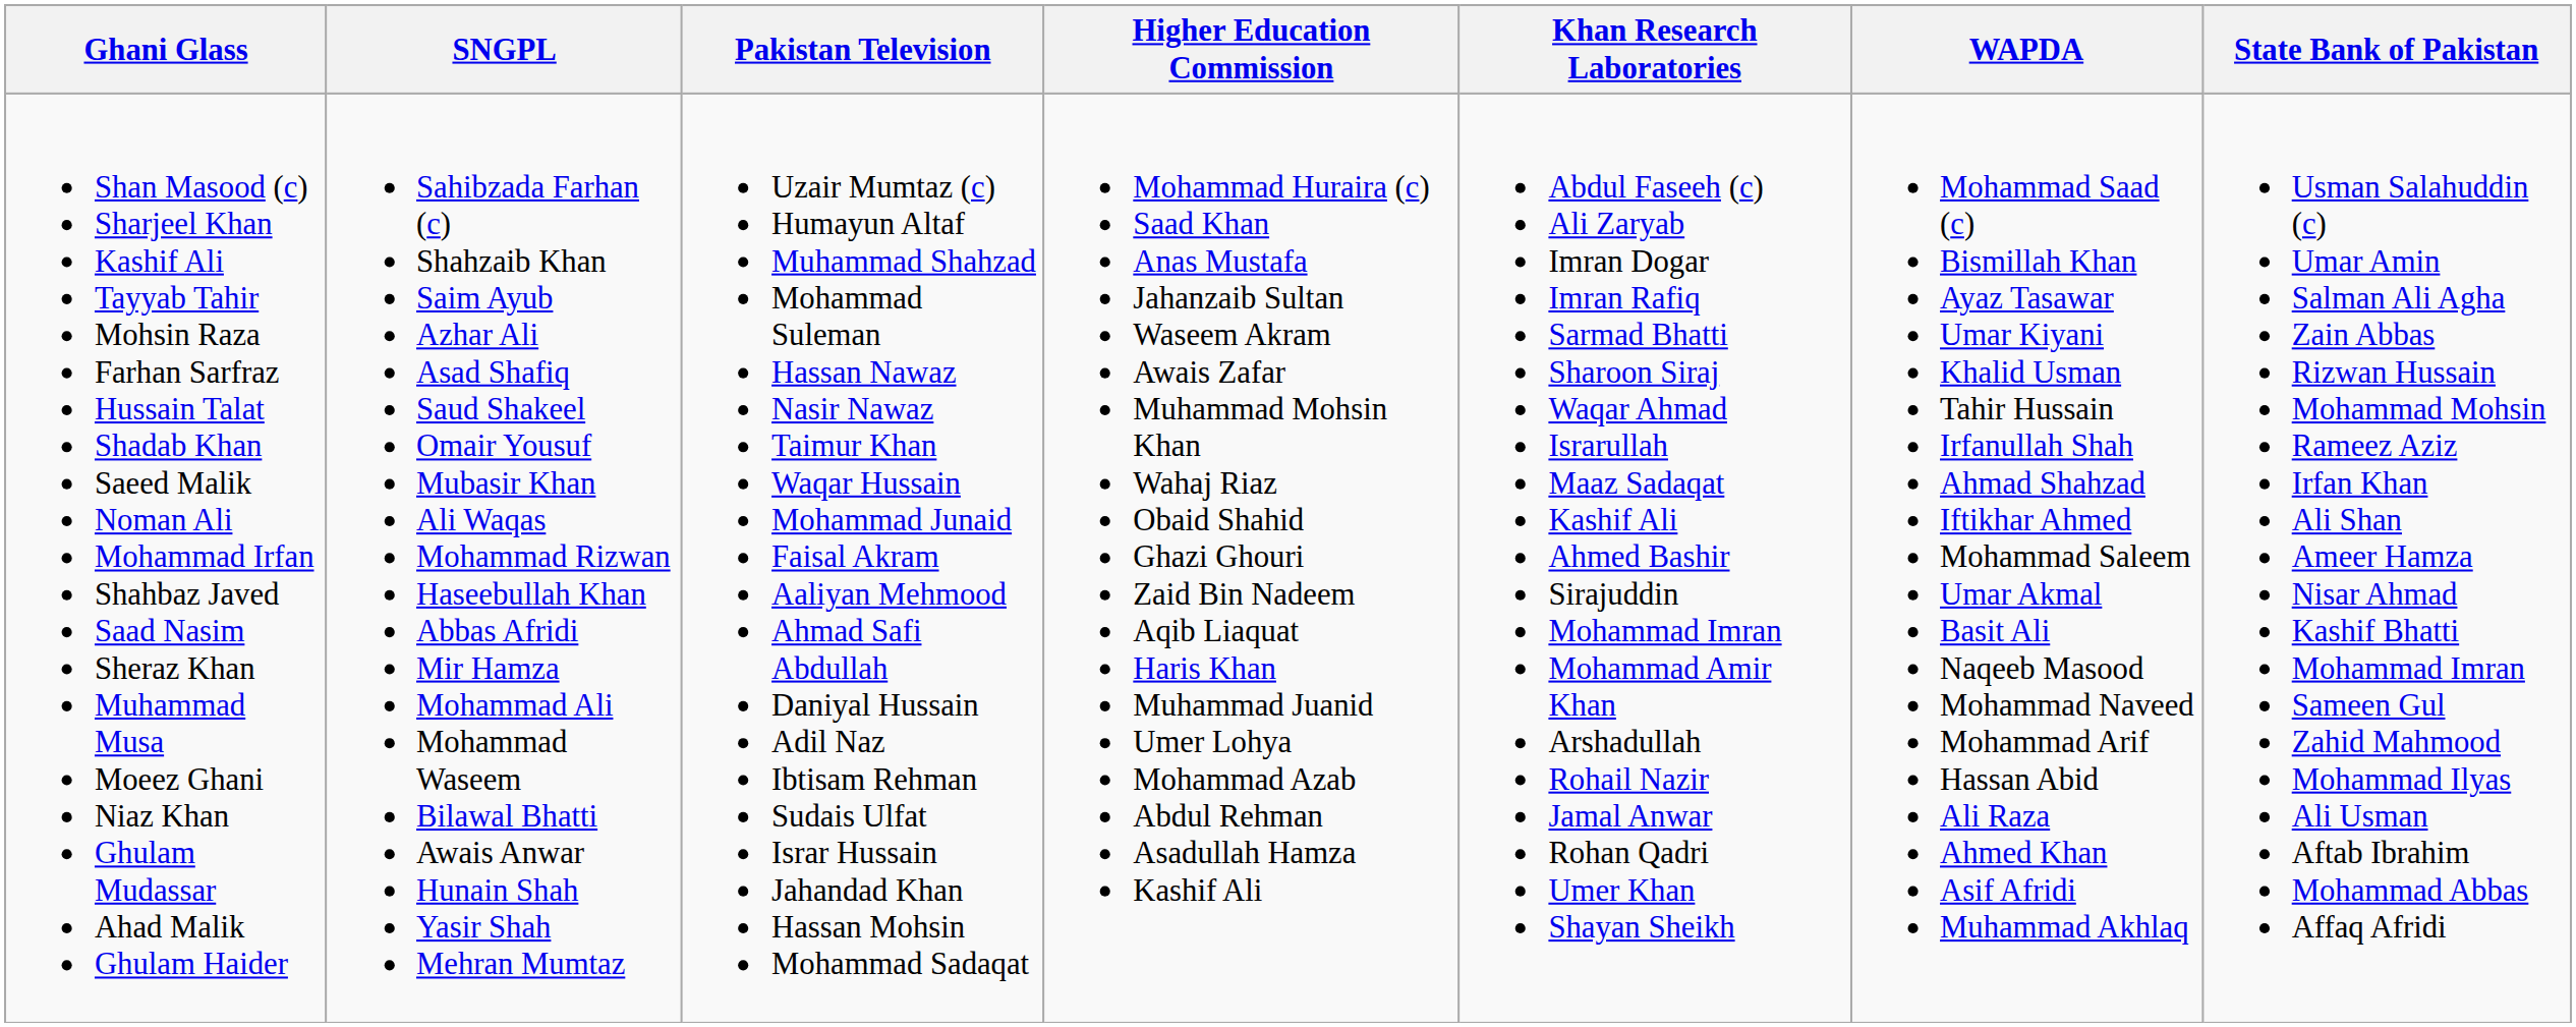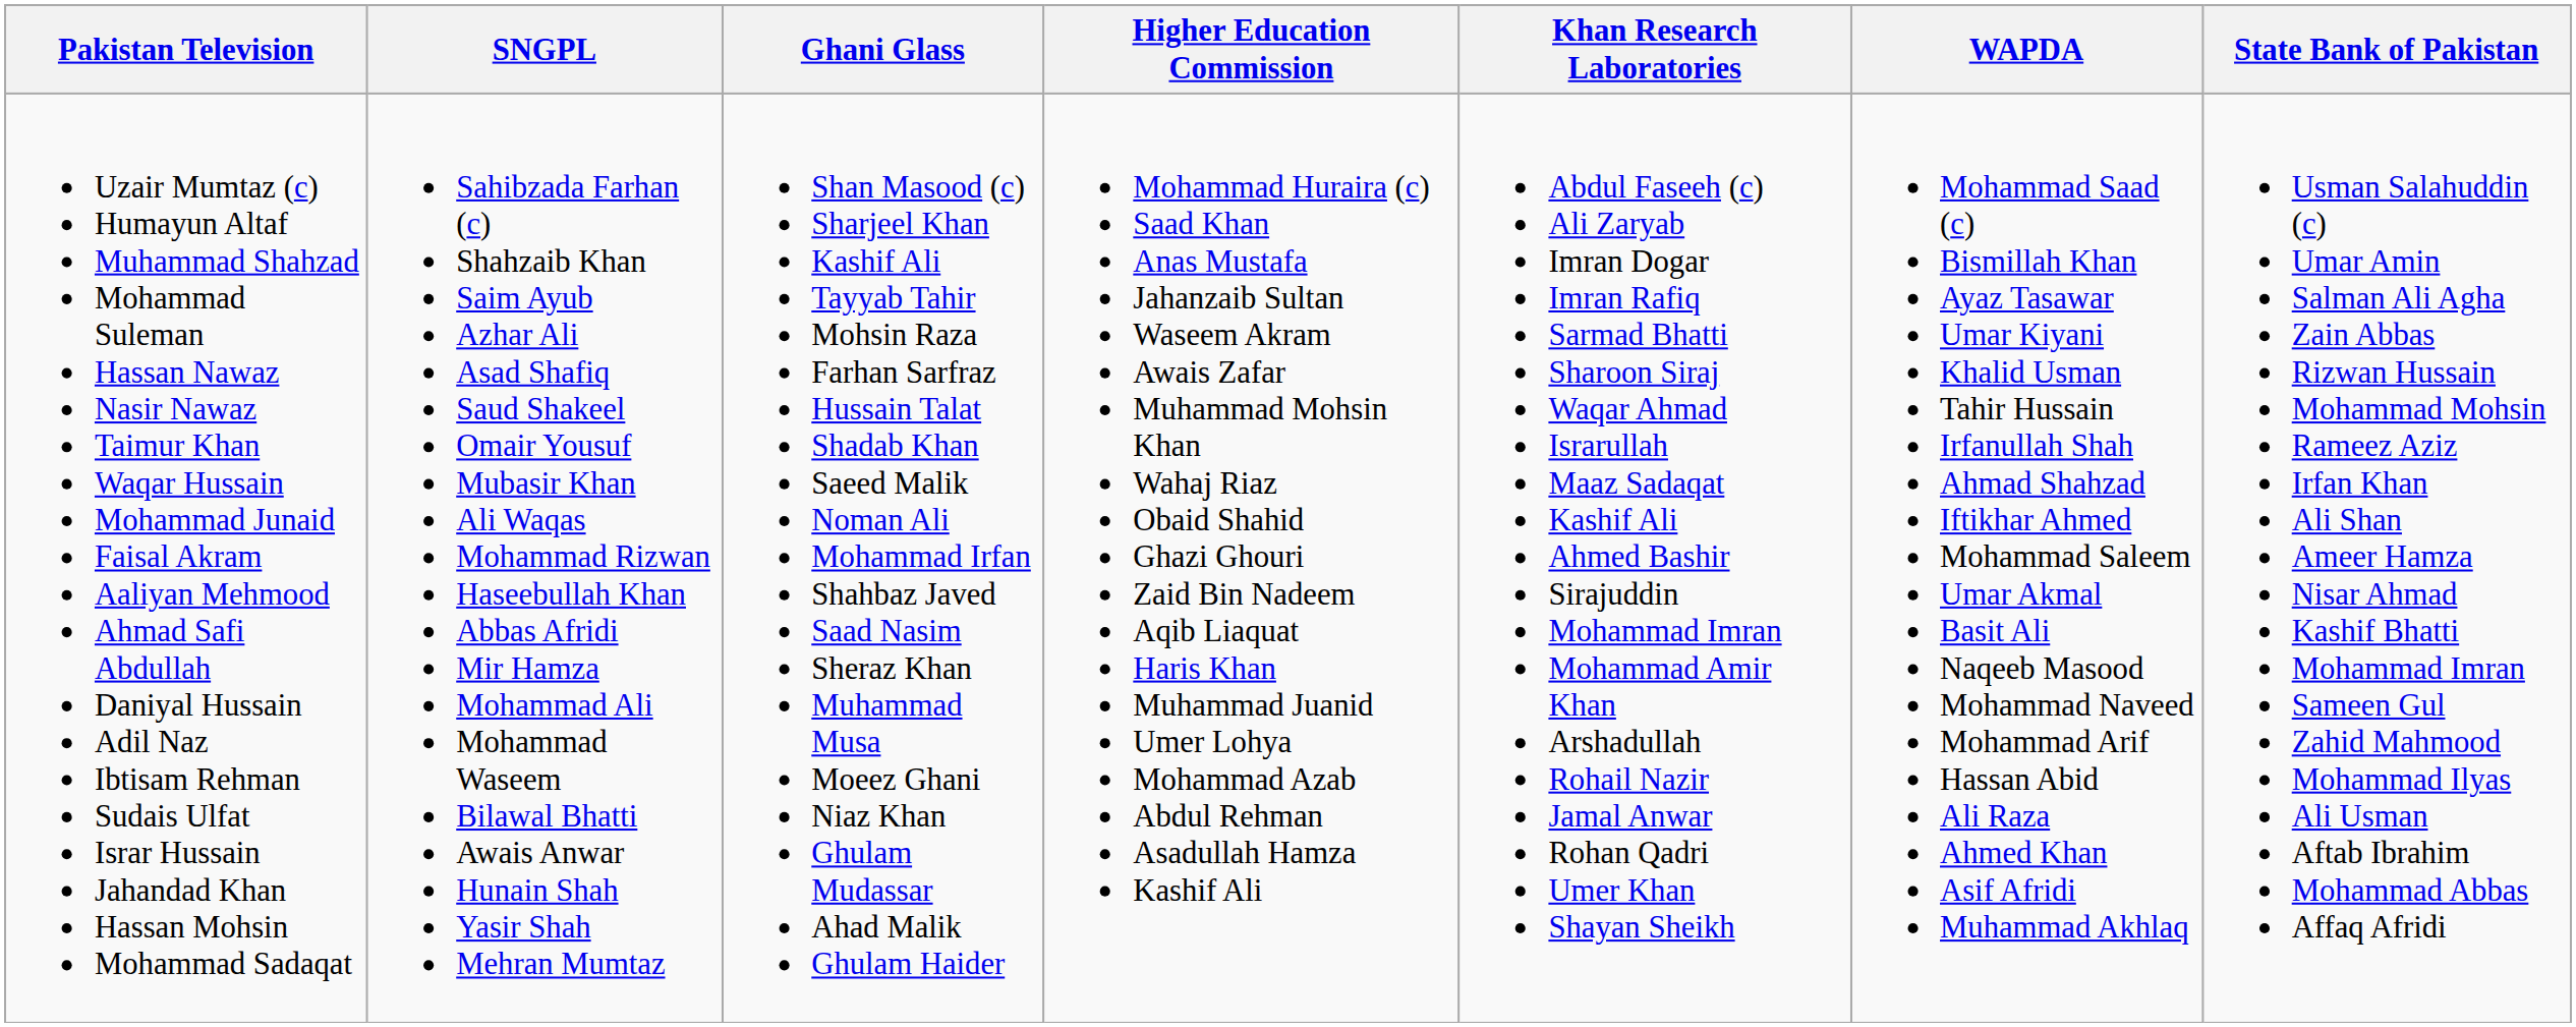 <table class="wikitable" style="font-size:95%;">
 <tr>
+<th><a href='#'>Pakistan Television</a></th>
+<th><a href='#'>SNGPL</a></th>
 <th><a href='#'>Ghani Glass</a></th>
-<th><a href='#'>SNGPL</a></th>
-<th><a href='#'>Pakistan Television</a></th>
 <th><a href='#'>Higher Education Commission</a></th>
 <th><a href='#'>Khan Research Laboratories</a></th>
 <th><a href='#'>WAPDA</a></th>
 <th><a href='#'>State Bank of Pakistan</a></th>
 </tr>
 <tr>
+<td valign="top"><br><ul><li>Uzair Mumtaz (<a href='#'>c</a>)</li><li>Humayun Altaf</li><li><a href='#'>Muhammad Shahzad</a></li><li>Mohammad Suleman</li><li><a href='#'>Hassan Nawaz</a></li><li><a href='#'>Nasir Nawaz</a></li><li><a href='#'>Taimur Khan</a></li><li><a href='#'>Waqar Hussain</a></li><li><a href='#'>Mohammad Junaid</a></li><li><a href='#'>Faisal Akram</a></li><li><a href='#'>Aaliyan Mehmood</a></li><li><a href='#'>Ahmad Safi Abdullah</a></li><li>Daniyal Hussain</li><li>Adil Naz</li><li>Ibtisam Rehman</li><li>Sudais Ulfat</li><li>Israr Hussain</li><li>Jahandad Khan</li><li>Hassan Mohsin</li><li>Mohammad Sadaqat</li></ul></td>
+<td valign="top"><br><ul><li><a href='#'>Sahibzada Farhan</a> (<a href='#'>c</a>)</li><li>Shahzaib Khan</li><li><a href='#'>Saim Ayub</a></li><li><a href='#'>Azhar Ali</a></li><li><a href='#'>Asad Shafiq</a></li><li><a href='#'>Saud Shakeel</a></li><li><a href='#'>Omair Yousuf</a></li><li><a href='#'>Mubasir Khan</a></li><li><a href='#'>Ali Waqas</a></li><li><a href='#'>Mohammad Rizwan</a></li><li><a href='#'>Haseebullah Khan</a></li><li><a href='#'>Abbas Afridi</a></li><li><a href='#'>Mir Hamza</a></li><li><a href='#'>Mohammad Ali</a></li><li>Mohammad Waseem</li><li><a href='#'>Bilawal Bhatti</a></li><li>Awais Anwar</li><li><a href='#'>Hunain Shah</a></li><li><a href='#'>Yasir Shah</a></li><li><a href='#'>Mehran Mumtaz</a></li></ul></td>
 <td valign="top"><br><ul><li><a href='#'>Shan Masood</a> (<a href='#'>c</a>)</li><li><a href='#'>Sharjeel Khan</a></li><li><a href='#'>Kashif Ali</a></li><li><a href='#'>Tayyab Tahir</a></li><li>Mohsin Raza</li><li>Farhan Sarfraz</li><li><a href='#'>Hussain Talat</a></li><li><a href='#'>Shadab Khan</a></li><li>Saeed Malik</li><li><a href='#'>Noman Ali</a></li><li><a href='#'>Mohammad Irfan</a></li><li>Shahbaz Javed</li><li><a href='#'>Saad Nasim</a></li><li>Sheraz Khan</li><li><a href='#'>Muhammad Musa</a></li><li>Moeez Ghani</li><li>Niaz Khan</li><li><a href='#'>Ghulam Mudassar</a></li><li>Ahad Malik</li><li><a href='#'>Ghulam Haider</a></li></ul></td>
-<td valign="top"><br><ul><li><a href='#'>Sahibzada Farhan</a> (<a href='#'>c</a>)</li><li>Shahzaib Khan</li><li><a href='#'>Saim Ayub</a></li><li><a href='#'>Azhar Ali</a></li><li><a href='#'>Asad Shafiq</a></li><li><a href='#'>Saud Shakeel</a></li><li><a href='#'>Omair Yousuf</a></li><li><a href='#'>Mubasir Khan</a></li><li><a href='#'>Ali Waqas</a></li><li><a href='#'>Mohammad Rizwan</a></li><li><a href='#'>Haseebullah Khan</a></li><li><a href='#'>Abbas Afridi</a></li><li><a href='#'>Mir Hamza</a></li><li><a href='#'>Mohammad Ali</a></li><li>Mohammad Waseem</li><li><a href='#'>Bilawal Bhatti</a></li><li>Awais Anwar</li><li><a href='#'>Hunain Shah</a></li><li><a href='#'>Yasir Shah</a></li><li><a href='#'>Mehran Mumtaz</a></li></ul></td>
-<td valign="top"><br><ul><li>Uzair Mumtaz (<a href='#'>c</a>)</li><li>Humayun Altaf</li><li><a href='#'>Muhammad Shahzad</a></li><li>Mohammad Suleman</li><li><a href='#'>Hassan Nawaz</a></li><li><a href='#'>Nasir Nawaz</a></li><li><a href='#'>Taimur Khan</a></li><li><a href='#'>Waqar Hussain</a></li><li><a href='#'>Mohammad Junaid</a></li><li><a href='#'>Faisal Akram</a></li><li><a href='#'>Aaliyan Mehmood</a></li><li><a href='#'>Ahmad Safi Abdullah</a></li><li>Daniyal Hussain</li><li>Adil Naz</li><li>Ibtisam Rehman</li><li>Sudais Ulfat</li><li>Israr Hussain</li><li>Jahandad Khan</li><li>Hassan Mohsin</li><li>Mohammad Sadaqat</li></ul></td>
 <td valign="top"><br><ul><li><a href='#'>Mohammad Huraira</a> (<a href='#'>c</a>)</li><li><a href='#'>Saad Khan</a></li><li><a href='#'>Anas Mustafa</a></li><li>Jahanzaib Sultan</li><li>Waseem Akram</li><li>Awais Zafar</li><li>Muhammad Mohsin Khan</li><li>Wahaj Riaz</li><li>Obaid Shahid</li><li>Ghazi Ghouri</li><li>Zaid Bin Nadeem</li><li>Aqib Liaquat</li><li><a href='#'>Haris Khan</a></li><li>Muhammad Juanid</li><li>Umer Lohya</li><li>Mohammad Azab</li><li>Abdul Rehman</li><li>Asadullah Hamza</li><li>Kashif Ali</li></ul></td>
 <td valign="top"><br><ul><li><a href='#'>Abdul Faseeh</a> (<a href='#'>c</a>)</li><li><a href='#'>Ali Zaryab</a></li><li>Imran Dogar</li><li><a href='#'>Imran Rafiq</a></li><li><a href='#'>Sarmad Bhatti</a></li><li><a href='#'>Sharoon Siraj</a></li><li><a href='#'>Waqar Ahmad</a></li><li><a href='#'>Israrullah</a></li><li><a href='#'>Maaz Sadaqat</a></li><li><a href='#'>Kashif Ali</a></li><li><a href='#'>Ahmed Bashir</a></li><li>Sirajuddin</li><li><a href='#'>Mohammad Imran</a></li><li><a href='#'>Mohammad Amir Khan</a></li><li>Arshadullah</li><li><a href='#'>Rohail Nazir</a></li><li><a href='#'>Jamal Anwar</a></li><li>Rohan Qadri</li><li><a href='#'>Umer Khan</a></li><li><a href='#'>Shayan Sheikh</a></li></ul></td>
 <td valign="top"><br><ul><li><a href='#'>Mohammad Saad</a> (<a href='#'>c</a>)</li><li><a href='#'>Bismillah Khan</a></li><li><a href='#'>Ayaz Tasawar</a></li><li><a href='#'>Umar Kiyani</a></li><li><a href='#'>Khalid Usman</a></li><li>Tahir Hussain</li><li><a href='#'>Irfanullah Shah</a></li><li><a href='#'>Ahmad Shahzad</a></li><li><a href='#'>Iftikhar Ahmed</a></li><li>Mohammad Saleem</li><li><a href='#'>Umar Akmal</a></li><li><a href='#'>Basit Ali</a></li><li>Naqeeb Masood</li><li>Mohammad Naveed</li><li>Mohammad Arif</li><li>Hassan Abid</li><li><a href='#'>Ali Raza</a></li><li><a href='#'>Ahmed Khan</a></li><li><a href='#'>Asif Afridi</a></li><li><a href='#'>Muhammad Akhlaq</a></li></ul></td>
 <td valign="top"><br><ul><li><a href='#'>Usman Salahuddin</a> (<a href='#'>c</a>)</li><li><a href='#'>Umar Amin</a></li><li><a href='#'>Salman Ali Agha</a></li><li><a href='#'>Zain Abbas</a></li><li><a href='#'>Rizwan Hussain</a></li><li><a href='#'>Mohammad Mohsin</a></li><li><a href='#'>Rameez Aziz</a></li><li><a href='#'>Irfan Khan</a></li><li><a href='#'>Ali Shan</a></li><li><a href='#'>Ameer Hamza</a></li><li><a href='#'>Nisar Ahmad</a></li><li><a href='#'>Kashif Bhatti</a></li><li><a href='#'>Mohammad Imran</a></li><li><a href='#'>Sameen Gul</a></li><li><a href='#'>Zahid Mahmood</a></li><li><a href='#'>Mohammad Ilyas</a></li><li><a href='#'>Ali Usman</a></li><li>Aftab Ibrahim</li><li><a href='#'>Mohammad Abbas</a></li><li>Affaq Afridi</li></ul></td>
 </tr>
 </table>
